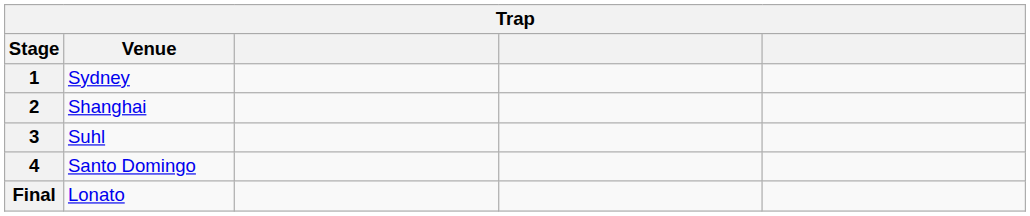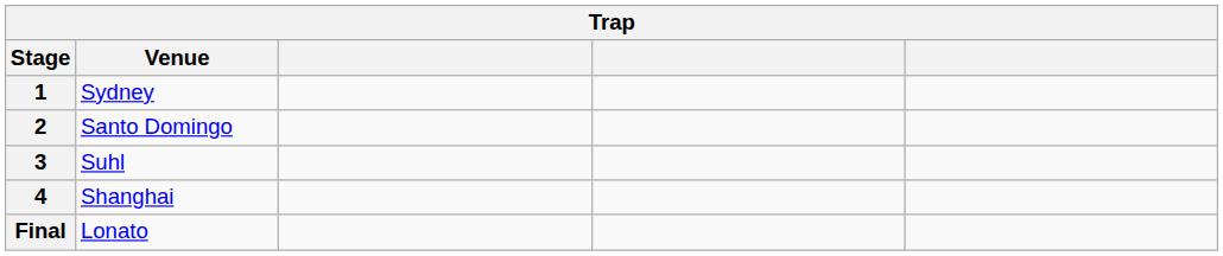 <table class="wikitable">
 <tr>
 <th colspan="5">Trap</th>
 </tr>
 <tr>
 <th>Stage</th>
 <th width=140>Venue</th>
 <th width=220></th>
 <th width=220></th>
 <th width=220></th>
 </tr>
 <tr>
 <th>1</th>
 <td> <a href='#'>Sydney</a></td>
 <td></td>
 <td></td>
 <td></td>
 </tr>
 <tr>
 <th>2</th>
-<td> <a href='#'>Shanghai</a></td>
+<td> <a href='#'>Santo Domingo</a></td>
 <td></td>
 <td></td>
 <td></td>
 </tr>
 <tr>
 <th>3</th>
 <td> <a href='#'>Suhl</a></td>
 <td></td>
 <td></td>
 <td></td>
 </tr>
 <tr>
 <th>4</th>
-<td> <a href='#'>Santo Domingo</a></td>
+<td> <a href='#'>Shanghai</a></td>
 <td></td>
 <td></td>
 <td></td>
 </tr>
 <tr>
 <th>Final</th>
 <td> <a href='#'>Lonato</a></td>
 <td></td>
 <td></td>
 <td></td>
 </tr>
 </table>
